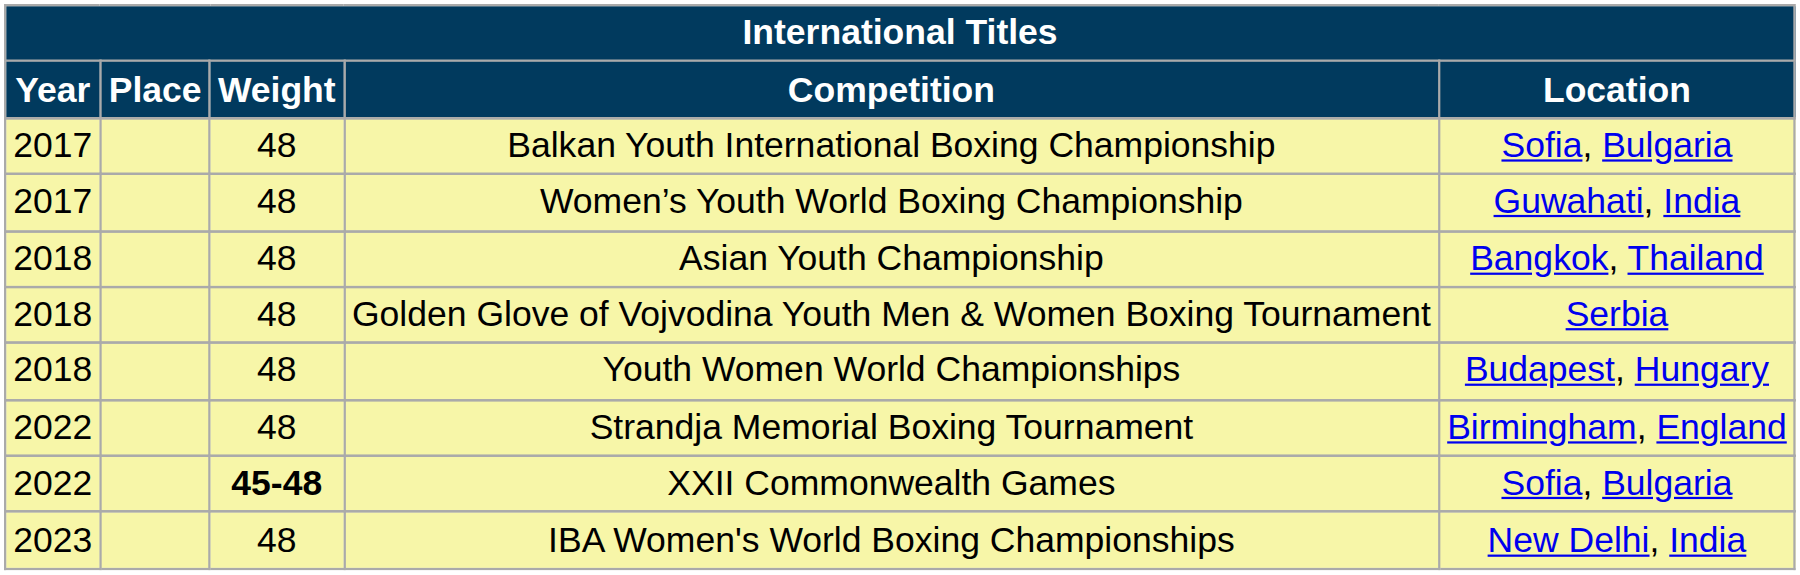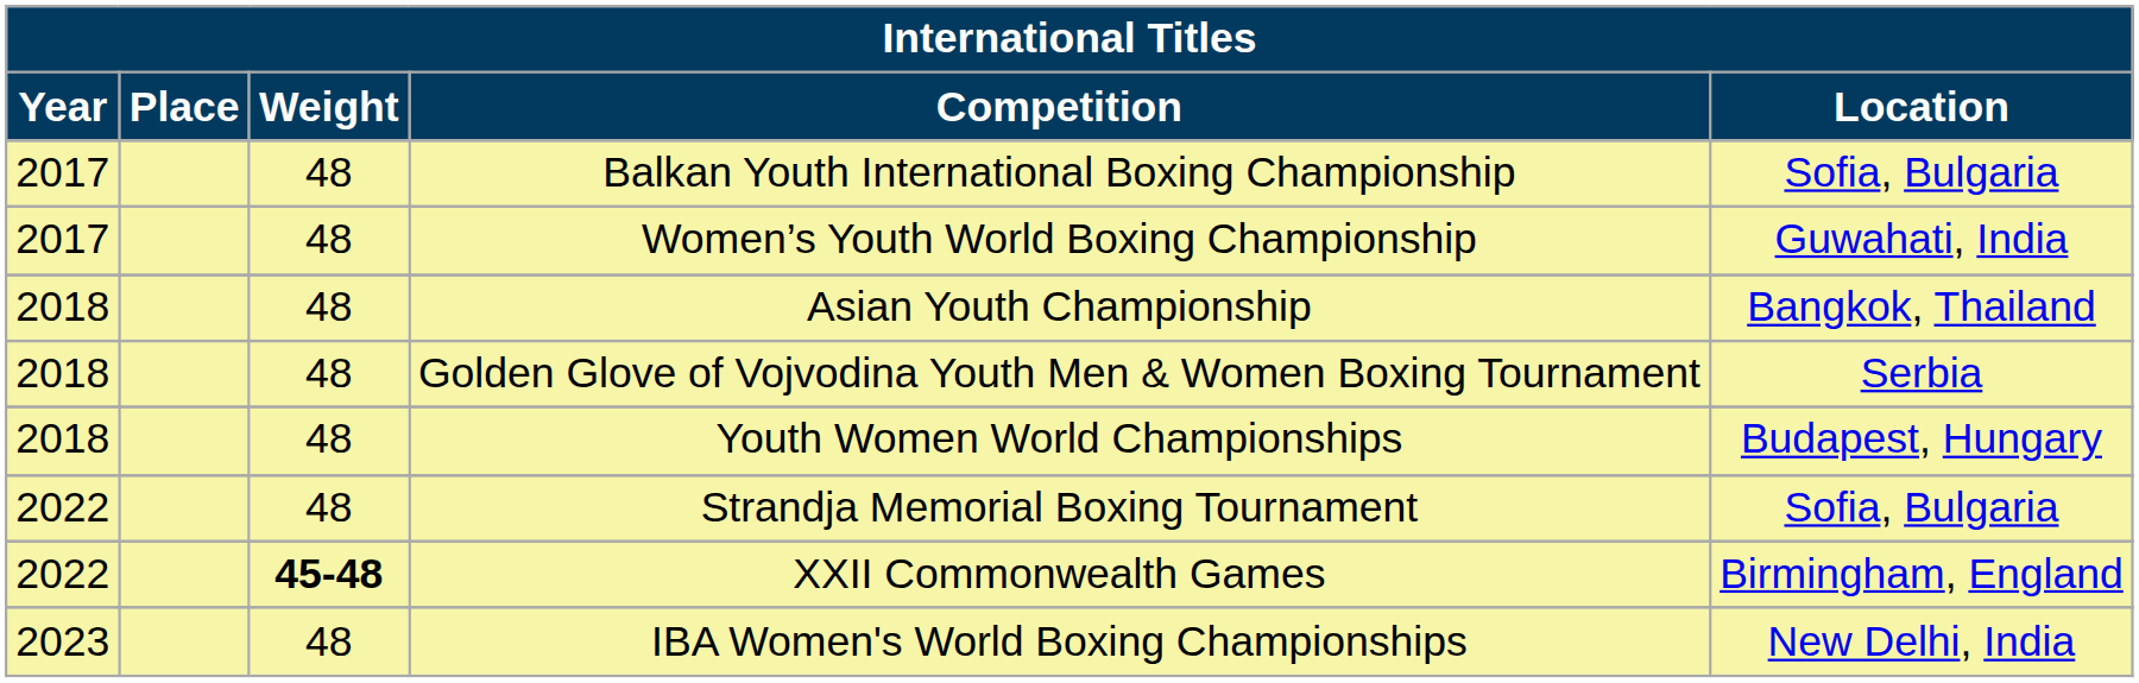 <table class="wikitable collapsible" style="text-align: center;">
 <tr>
 <th colspan=5 style="background: #013A5E; color: #FFFFFF;">International Titles</th>
 </tr>
 <tr>
 <th style="background: #013A5E; color: #FFFFFF;">Year</th>
 <th style="background: #013A5E; color: #FFFFFF;">Place</th>
 <th style="background: #013A5E; color: #FFFFFF;">Weight</th>
 <th style="background: #013A5E; color: #FFFFFF;">Competition</th>
 <th style="background: #013A5E; color: #FFFFFF;">Location</th>
 </tr>
 <tr>
 </tr>
 <tr bgcolor=F7F6A8>
 <td>2017</td>
 <td></td>
 <td>48</td>
 <td>Balkan Youth International Boxing Championship</td>
 <td><a href='#'>Sofia</a>, <a href='#'>Bulgaria</a></td>
 </tr>
 <tr>
 </tr>
 <tr bgcolor=F7F6A8>
 <td>2017</td>
 <td></td>
 <td>48</td>
 <td>Women’s Youth World Boxing Championship</td>
 <td><a href='#'>Guwahati</a>, <a href='#'>India</a></td>
 </tr>
 <tr>
 </tr>
 <tr bgcolor=F7F6A8>
 <td>2018</td>
 <td></td>
 <td>48</td>
 <td>Asian Youth Championship</td>
 <td><a href='#'>Bangkok</a>, <a href='#'>Thailand</a></td>
 </tr>
 <tr>
 </tr>
 <tr bgcolor=F7F6A8>
 <td>2018</td>
 <td></td>
 <td>48</td>
 <td>Golden Glove of Vojvodina Youth Men & Women Boxing Tournament</td>
 <td><a href='#'>Serbia</a></td>
 </tr>
 <tr>
 </tr>
 <tr bgcolor=F7F6A8>
 <td>2018</td>
 <td></td>
 <td>48</td>
 <td>Youth Women World Championships</td>
 <td><a href='#'>Budapest</a>, <a href='#'>Hungary</a></td>
 </tr>
 <tr>
 </tr>
 <tr bgcolor=F7F6A8>
 <td>2022</td>
 <td></td>
 <td>48</td>
 <td>Strandja Memorial Boxing Tournament</td>
-<td><a href='#'>Birmingham</a>, <a href='#'>England</a></td>
+<td><a href='#'>Sofia</a>, <a href='#'>Bulgaria</a></td>
 </tr>
 <tr>
 </tr>
 <tr bgcolor=F7F6A8>
 <td>2022</td>
 <td></td>
 <td><strong>45-48</strong></td>
 <td>XXII Commonwealth Games</td>
-<td><a href='#'>Sofia</a>, <a href='#'>Bulgaria</a></td>
+<td><a href='#'>Birmingham</a>, <a href='#'>England</a></td>
 </tr>
 <tr>
 </tr>
 <tr bgcolor=F7F6A8>
 <td>2023</td>
 <td></td>
 <td>48</td>
 <td>IBA Women's World Boxing Championships</td>
 <td><a href='#'>New Delhi</a>, <a href='#'>India</a></td>
 </tr>
 </table>
